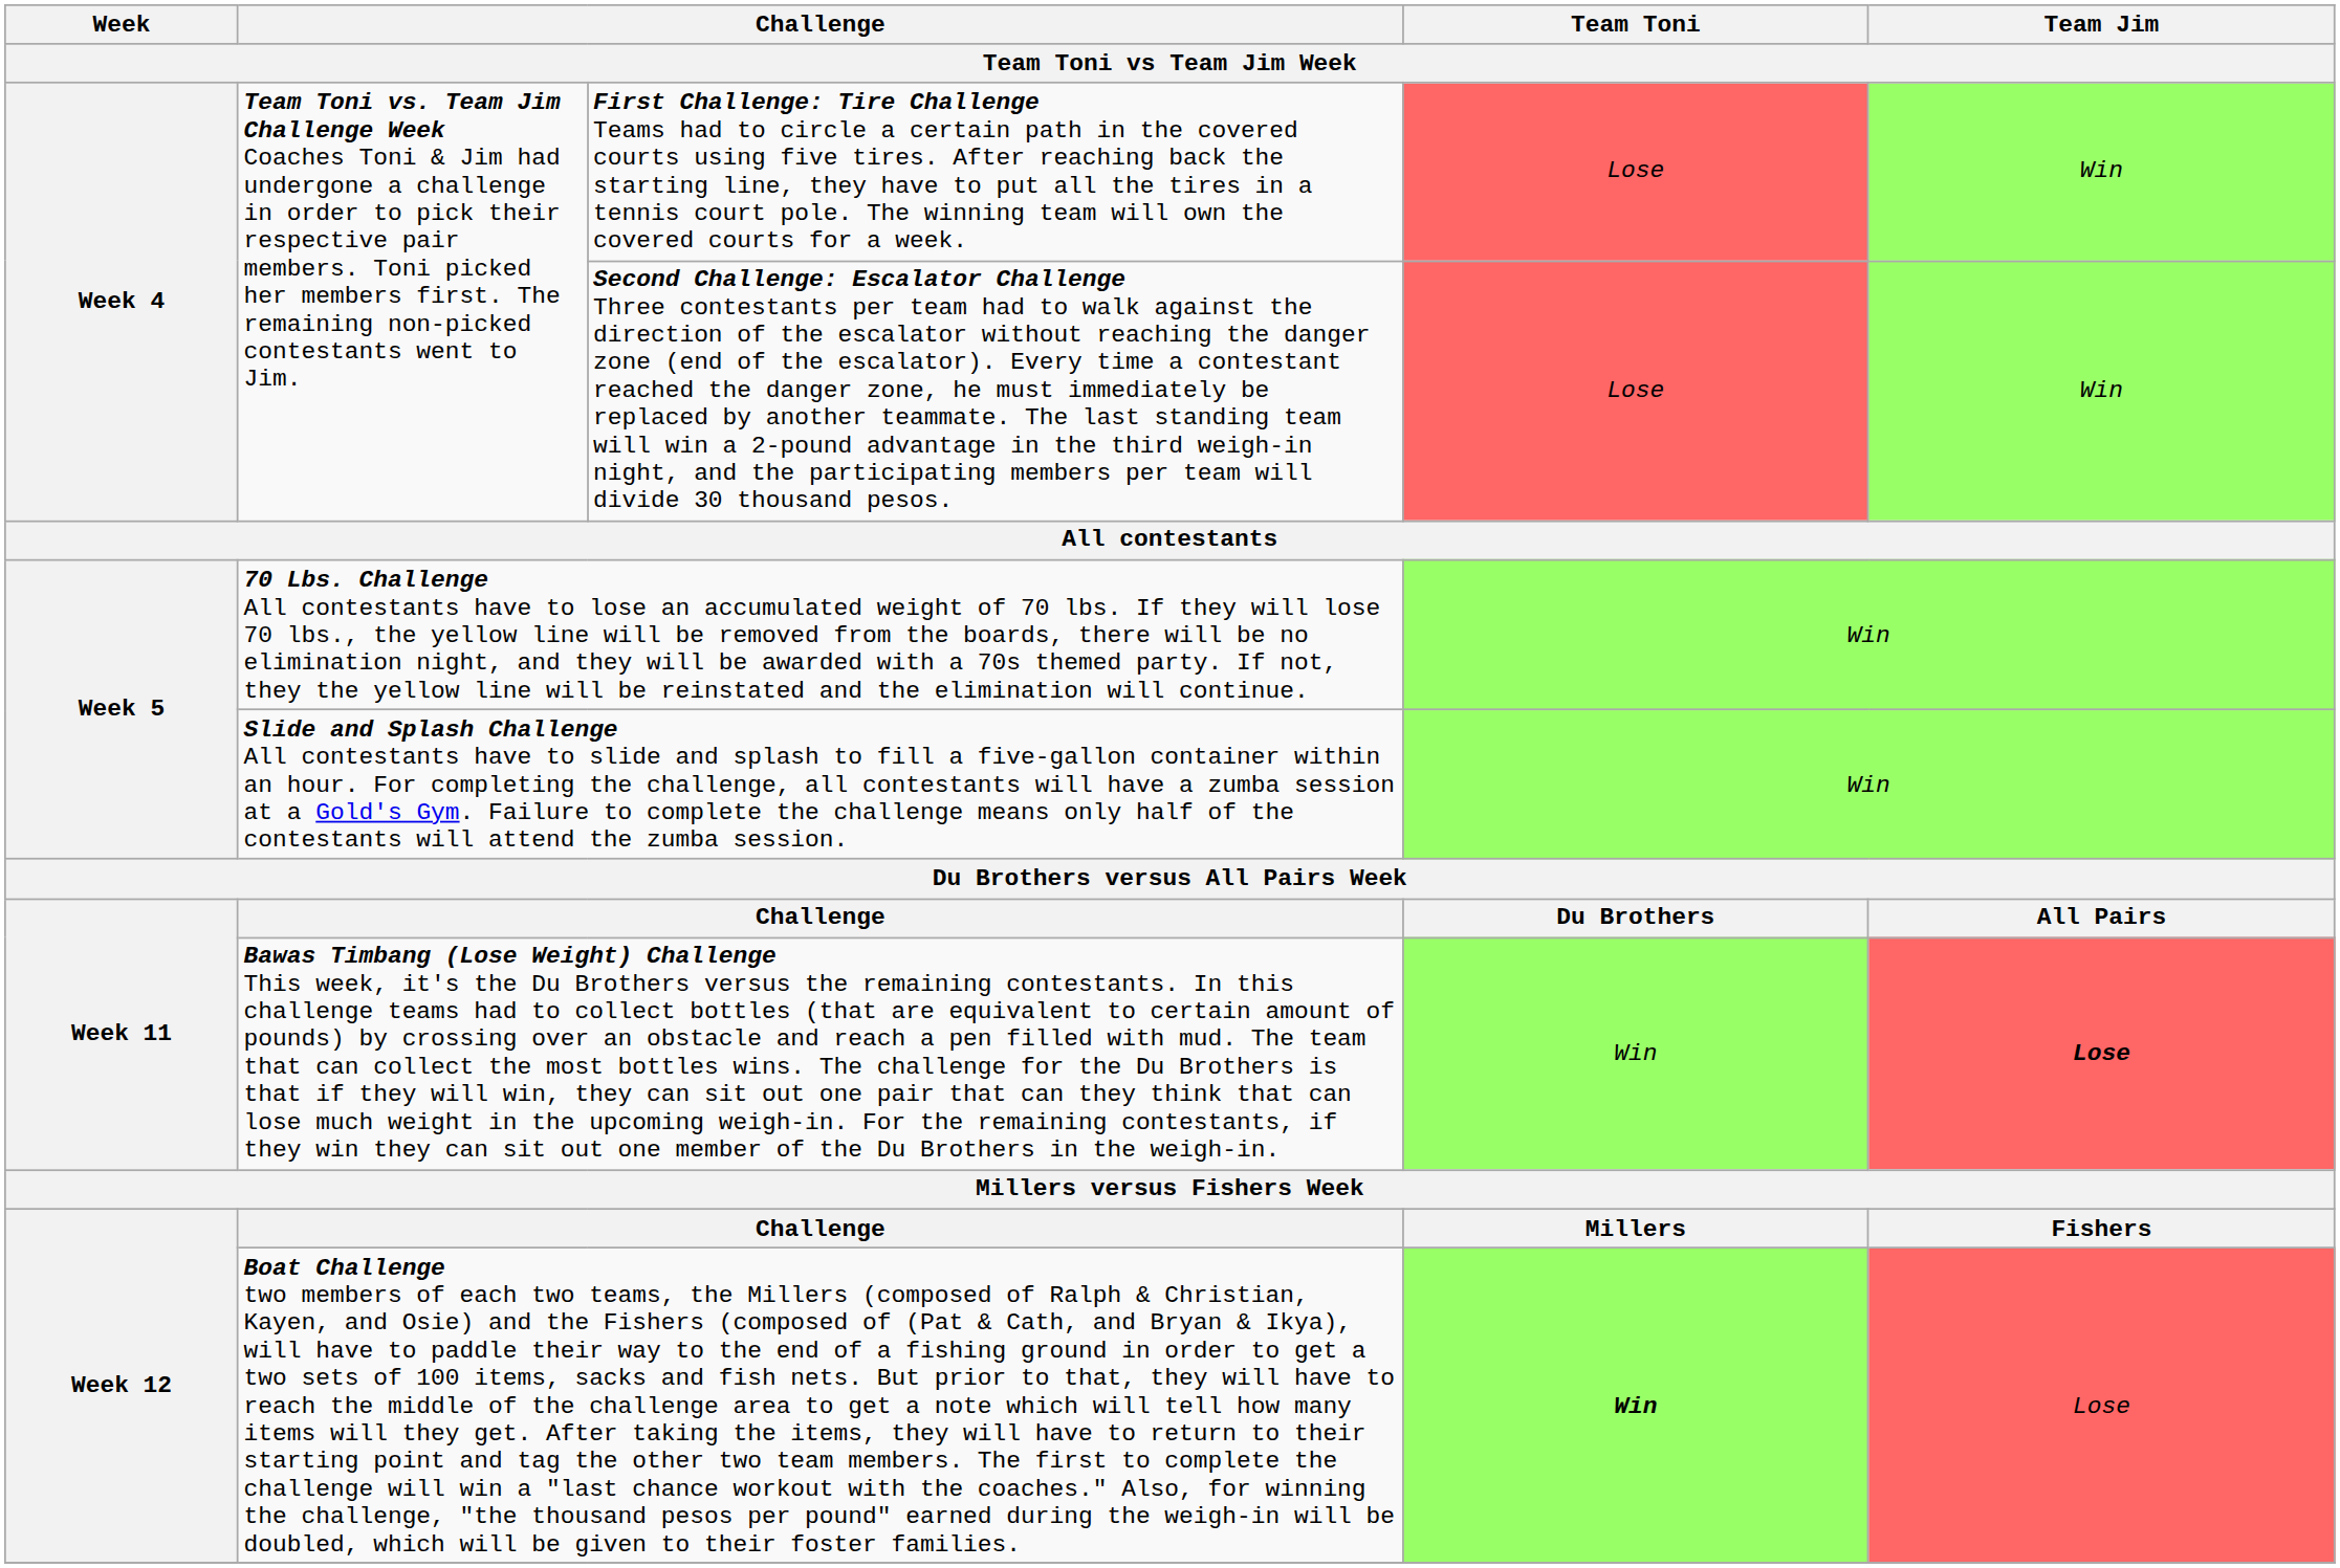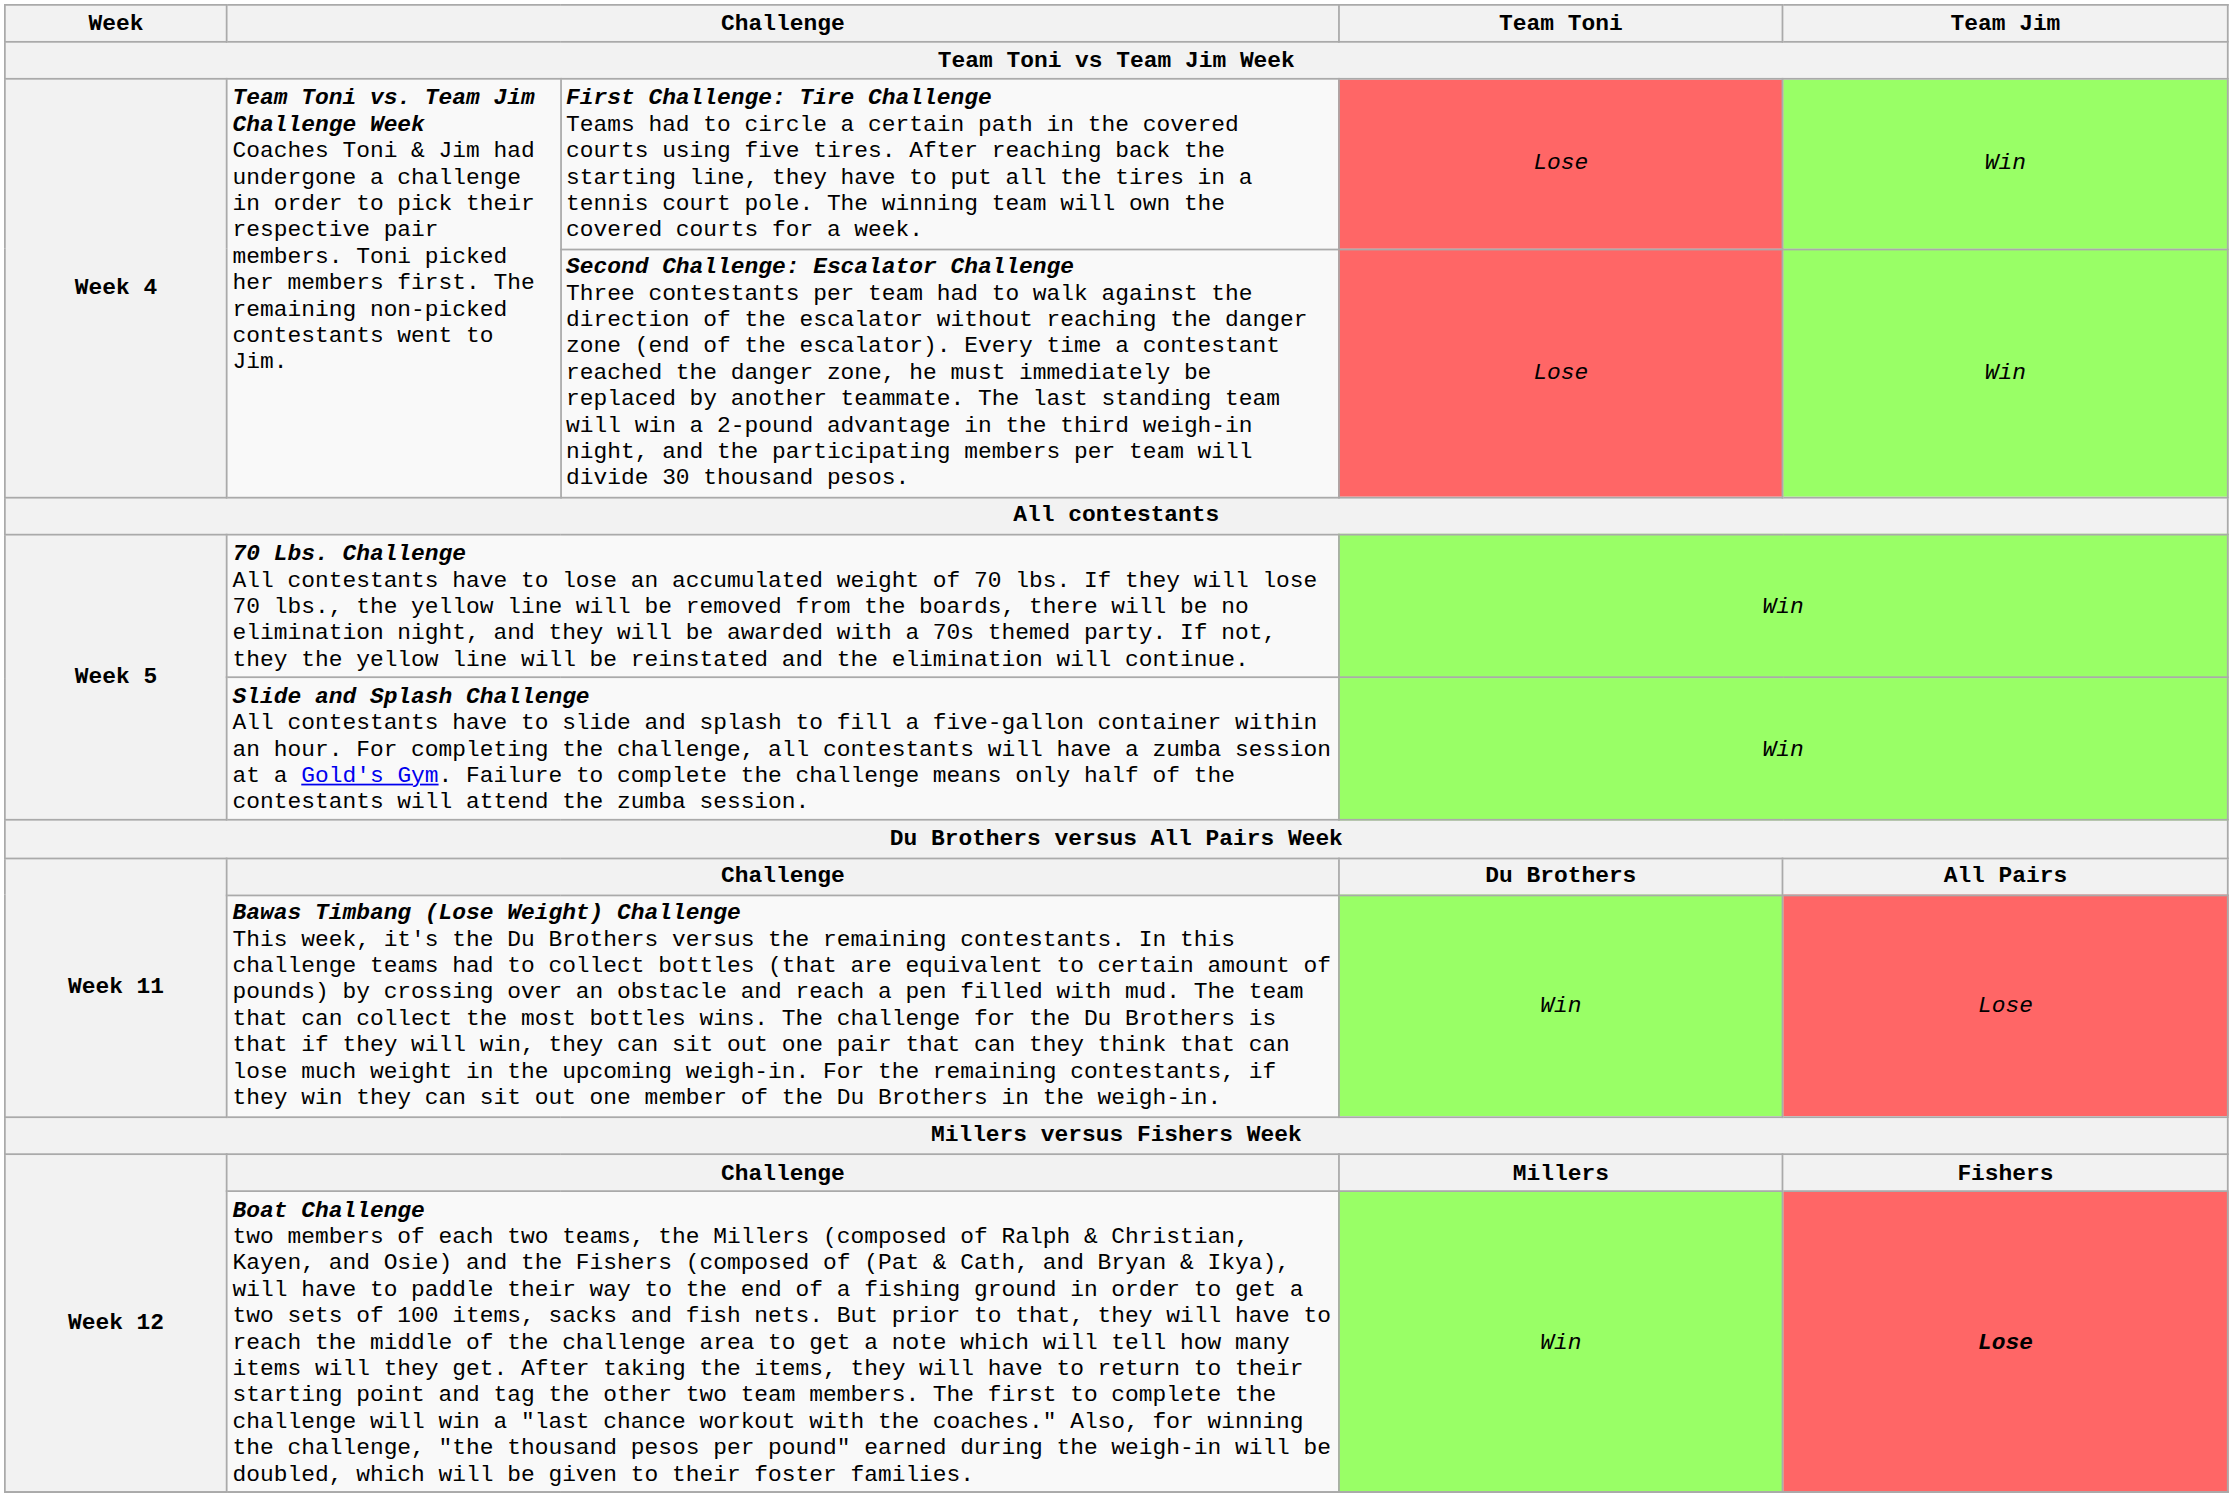 <table class="wikitable" style="text-align:center; line-height:15px; font-size:100%; width:100%;">
 <tr>
 <th scope="col" width="10%">Week</th>
 <th scope="col" width="50%" colspan="2">Challenge</th>
 <th scope="col" width="20%">Team Toni</th>
 <th scope="col" width="20%">Team Jim</th>
 </tr>
 <tr>
 <th colspan="5">Team Toni vs Team Jim Week</th>
 </tr>
 <tr>
 <th rowspan="2">Week 4</th>
 <td rowspan="2" valign="top" style="text-align:left;" width="15%"><strong><em>Team Toni vs. Team Jim Challenge Week</em></strong><br>Coaches Toni & Jim had undergone a challenge in order to pick their respective pair members. Toni picked her members first. The remaining non-picked contestants went to Jim.</td>
 <td valign="top" style="text-align:left;" width="35%"><strong><em>First Challenge: Tire Challenge</em></strong><br>Teams had to circle a certain path in the covered courts using five tires. After reaching back the starting line, they have to put all the tires in a tennis court pole. The winning team will own the covered courts for a week.</td>
 <td style="background:#FF6666;"><em>Lose</em></td>
 <td style="background:#99FF66;"><em>Win</em></td>
 </tr>
 <tr>
 <td valign="top" style="text-align:left;" width="35%"><strong><em>Second Challenge: Escalator Challenge</em></strong><br> Three contestants per team had to walk against the direction of the escalator without reaching the danger zone (end of the escalator). Every time a contestant reached the danger zone, he must immediately be replaced by another teammate. The last standing team will win a 2-pound advantage in the third weigh-in night, and the participating members per team will divide 30 thousand pesos.</td>
 <td style="background:#FF6666;"><em>Lose</em></td>
 <td style="background:#99FF66;"><em>Win</em></td>
 </tr>
 <tr>
 <th colspan="5">All contestants</th>
 </tr>
 <tr>
 <th rowspan="2">Week 5</th>
 <td colspan="2" valign="top" style="text-align:left;" width="35%"><strong><em>70 Lbs. Challenge</em></strong><br> All contestants have to lose an accumulated weight of 70 lbs. If they will lose 70 lbs., the yellow line will be removed from the boards, there will be no elimination night, and they will be awarded with a 70s themed party. If not, they the yellow line will be reinstated and the elimination will continue.</td>
 <td colspan="2" style="background:#99FF66;"><em>Win</em></td>
 </tr>
 <tr>
 <td colspan="2" valign="top" style="text-align:left;" width="35%"><strong><em>Slide and Splash Challenge</em></strong><br> All contestants have to slide and splash to fill a five-gallon container within an hour. For completing the challenge, all contestants will have a zumba session at a <a href='#'>Gold's Gym</a>. Failure to complete the challenge means only half of the contestants will attend the zumba session.</td>
 <td colspan="2" style="background:#99FF66;"><em>Win</em></td>
 </tr>
 <tr>
 <th colspan="5">Du Brothers versus All Pairs Week</th>
 </tr>
 <tr>
 <th rowspan="2">Week 11</th>
 <th colspan="2">Challenge</th>
 <th>Du Brothers</th>
 <th>All Pairs</th>
 </tr>
 <tr>
 <td colspan="2" valign="top" style="text-align:left;" width="35%"><strong><em>Bawas Timbang (Lose Weight) Challenge</em></strong><br>This week, it's the Du Brothers versus the remaining contestants. In this challenge teams had to collect bottles (that are equivalent to certain amount of pounds) by crossing over an obstacle and reach a pen filled with mud. The team that can collect the most bottles wins. The challenge for the Du Brothers is that if they will win, they can sit out one pair that can they think that can lose much weight in the upcoming weigh-in. For the remaining contestants, if they win they can sit out one member of the Du Brothers in the weigh-in.</td>
 <td style="background:#99FF66;"><em>Win</em></td>
-<td style="background:#FF6666;"><strong><em>Lose</em></strong></td>
+<td style="background:#FF6666;"><em>Lose</em></td>
 </tr>
 <tr>
 <th colspan="5">Millers versus Fishers Week</th>
 </tr>
 <tr>
 <th rowspan="2">Week 12</th>
 <th colspan="2">Challenge</th>
 <th>Millers</th>
 <th>Fishers</th>
 </tr>
 <tr>
 <td colspan="2" valign="top" style="text-align:left;" width="35%"><strong><em>Boat Challenge</em></strong><br>two members of each two teams, the Millers (composed of Ralph & Christian, Kayen, and Osie) and the Fishers (composed of (Pat & Cath, and Bryan & Ikya), will have to paddle their way to the end of a fishing ground in order to get a two sets of 100 items, sacks and fish nets. But prior to that, they will have to reach the middle of the challenge area to get a note which will tell how many items will they get. After taking the items, they will have to return to their starting point and tag the other two team members. The first to complete the challenge will win a "last chance workout with the coaches." Also, for winning the challenge, "the thousand pesos per pound" earned during the weigh-in will be doubled, which will be given to their foster families.</td>
-<td style="background:#99FF66;"><strong><em>Win</em></strong></td>
-<td style="background:#FF6666;"><em>Lose</em></td>
+<td style="background:#99FF66;"><em>Win</em></td>
+<td style="background:#FF6666;"><strong><em>Lose</em></strong></td>
 </tr>
 <tr>
 </tr>
 </table>
